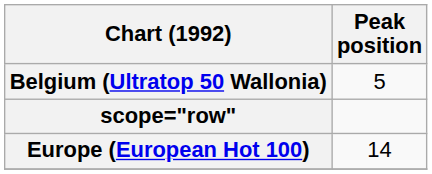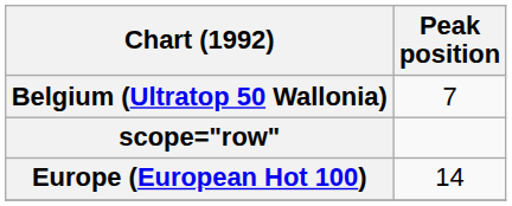 <table class="wikitable sortable plainrowheaders">
 <tr>
 <th>Chart (1992)</th>
 <th align="center">Peak<br>position</th>
 </tr>
 <tr>
 <th scope="row">Belgium (<a href='#'>Ultratop 50</a> Wallonia)</th>
-<td align="center">5</td>
+<td align="center">7</td>
 </tr>
 <tr>
 <th>scope="row"</th>
 </tr>
 <tr>
 <th scope="row">Europe (<a href='#'>European Hot 100</a>)</th>
 <td align="center">14</td>
 </tr>
 <tr>
 </tr>
 </table>
